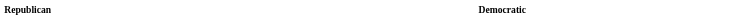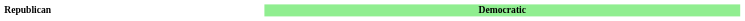 <table style="width:100%; text-align:center">
 <tr style="color:white">
 <td style="background:"><strong></strong><br></td>
 <td style="background:"><strong></strong></td>
 </tr>
 <tr>
 <td style="color:"><strong>Republican</strong><br></td>
-<td style="color:"><strong>Democratic</strong></td>
+<td style="background: lightgreen; color:"><strong>Democratic</strong></td>
 </tr>
 </table>
